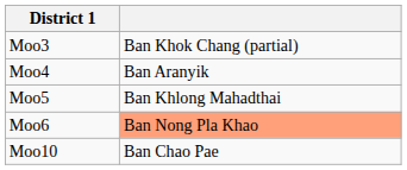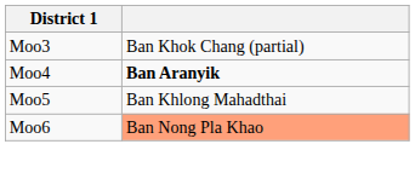 <table class="wikitable" style="width:30%;display:inline-table;">
 <tr>
 <th>District 1</th>
 <th></th>
 </tr>
 <tr>
 <td>Moo3</td>
 <td>Ban Khok Chang (partial)</td>
 </tr>
 <tr>
 <td>Moo4</td>
-<td>Ban Aranyik</td>
+<td><strong>Ban Aranyik</strong></td>
 </tr>
 <tr>
 <td>Moo5</td>
 <td>Ban Khlong Mahadthai</td>
 </tr>
 <tr>
 <td>Moo6</td>
 <td style="background: lightsalmon;">Ban Nong Pla Khao</td>
 </tr>
-<tr>
-<td>Moo10</td>
-<td>Ban Chao Pae</td>
-</tr>
 </table>
